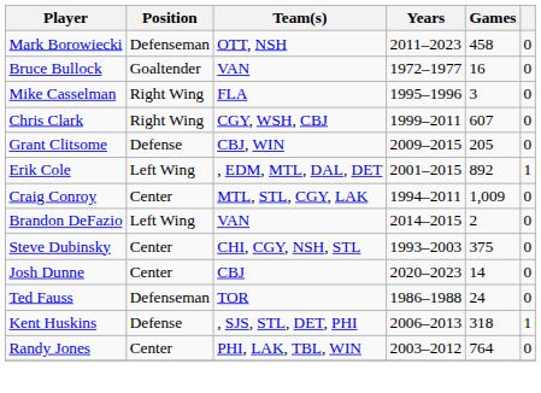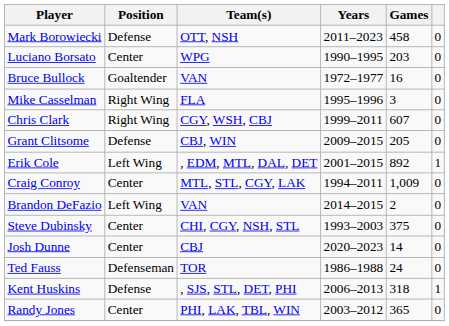 <table class="wikitable sortable">
 <tr>
 <th>Player</th>
 <th>Position</th>
 <th>Team(s)</th>
 <th>Years</th>
 <th>Games</th>
 <th><a href='#'></a></th>
 </tr>
 <tr>
 <td><a href='#'>Mark Borowiecki</a></td>
-<td>Defenseman</td>
+<td>Defense</td>
 <td><a href='#'>OTT</a>, <a href='#'>NSH</a></td>
 <td>2011–2023</td>
 <td>458</td>
+<td>0</td>
+</tr>
+<tr>
+<td><a href='#'>Luciano Borsato</a></td>
+<td>Center</td>
+<td><a href='#'>WPG</a></td>
+<td>1990–1995</td>
+<td>203</td>
 <td>0</td>
 </tr>
 <tr>
 <td><a href='#'>Bruce Bullock</a></td>
 <td>Goaltender</td>
 <td><a href='#'>VAN</a></td>
 <td>1972–1977</td>
 <td>16</td>
 <td>0</td>
 </tr>
 <tr>
 <td><a href='#'>Mike Casselman</a></td>
 <td>Right Wing</td>
 <td><a href='#'>FLA</a></td>
 <td>1995–1996</td>
 <td>3</td>
 <td>0</td>
 </tr>
 <tr>
 <td><a href='#'>Chris Clark</a></td>
 <td>Right Wing</td>
 <td><a href='#'>CGY</a>, <a href='#'>WSH</a>, <a href='#'>CBJ</a></td>
 <td>1999–2011</td>
 <td>607</td>
 <td>0</td>
 </tr>
 <tr>
 <td><a href='#'>Grant Clitsome</a></td>
 <td>Defense</td>
 <td><a href='#'>CBJ</a>, <a href='#'>WIN</a></td>
 <td>2009–2015</td>
 <td>205</td>
 <td>0</td>
 </tr>
 <tr>
 <td><a href='#'>Erik Cole</a></td>
 <td>Left Wing</td>
 <td><span><strong></strong></span>, <a href='#'>EDM</a>, <a href='#'>MTL</a>, <a href='#'>DAL</a>, <a href='#'>DET</a></td>
 <td>2001–2015</td>
 <td>892</td>
 <td>1</td>
 </tr>
 <tr>
 <td><a href='#'>Craig Conroy</a></td>
 <td>Center</td>
 <td><a href='#'>MTL</a>, <a href='#'>STL</a>, <a href='#'>CGY</a>, <a href='#'>LAK</a></td>
 <td>1994–2011</td>
 <td>1,009</td>
 <td>0</td>
 </tr>
 <tr>
 <td><a href='#'>Brandon DeFazio</a></td>
 <td>Left Wing</td>
 <td><a href='#'>VAN</a></td>
 <td>2014–2015</td>
 <td>2</td>
 <td>0</td>
 </tr>
 <tr>
 <td><a href='#'>Steve Dubinsky</a></td>
 <td>Center</td>
 <td><a href='#'>CHI</a>, <a href='#'>CGY</a>, <a href='#'>NSH</a>, <a href='#'>STL</a></td>
 <td>1993–2003</td>
 <td>375</td>
 <td>0</td>
 </tr>
 <tr>
 <td><a href='#'>Josh Dunne</a></td>
 <td>Center</td>
 <td><a href='#'>CBJ</a></td>
 <td>2020–2023</td>
 <td>14</td>
 <td>0</td>
 </tr>
 <tr>
 <td><a href='#'>Ted Fauss</a></td>
 <td>Defenseman</td>
 <td><a href='#'>TOR</a></td>
 <td>1986–1988</td>
 <td>24</td>
 <td>0</td>
 </tr>
 <tr>
 <td><a href='#'>Kent Huskins</a></td>
 <td>Defense</td>
 <td><span><strong></strong></span>, <a href='#'>SJS</a>, <a href='#'>STL</a>, <a href='#'>DET</a>, <a href='#'>PHI</a></td>
 <td>2006–2013</td>
 <td>318</td>
 <td>1</td>
 </tr>
 <tr>
 <td><a href='#'>Randy Jones</a></td>
 <td>Center</td>
 <td><a href='#'>PHI</a>, <a href='#'>LAK</a>, <a href='#'>TBL</a>, <a href='#'>WIN</a></td>
 <td>2003–2012</td>
-<td>764</td>
+<td>365</td>
 <td>0</td>
 </tr>
 <tr>
 </tr>
 </table>
